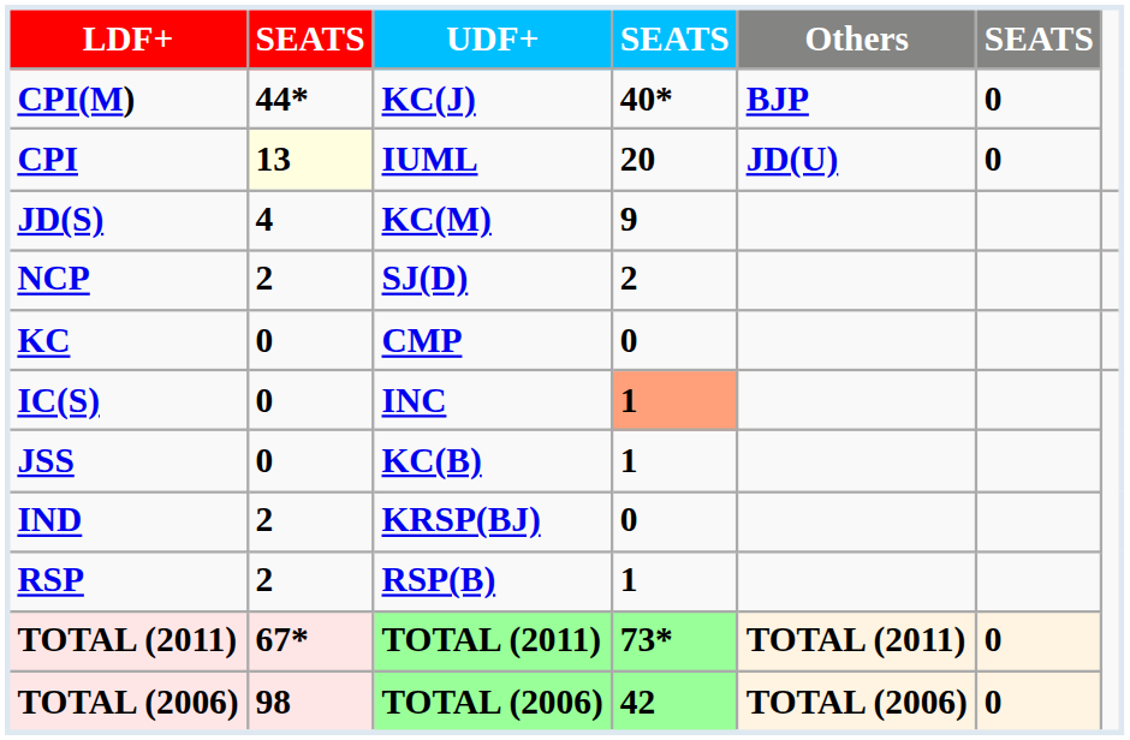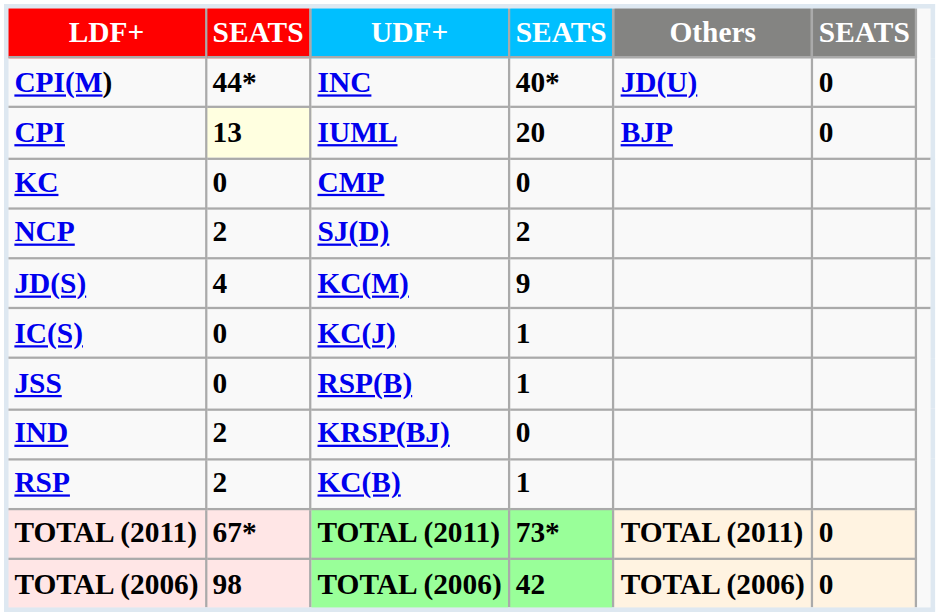 <table class="wikitable" style="border-collapse: collapse; border: 2px #DEE8F1 solid; font-weight: bold; font-size: small; font-family: verdana">
 <tr>
 <th style="background:#f00; color:white;">LDF+</th>
 <th style="background:#f00; color:white;">SEATS</th>
 <th style="background:#00BFFF; color:white;">UDF+</th>
 <th style="background:#00BFFF; color:white;">SEATS</th>
 <th style="background:#848482; color:white;">Others</th>
 <th style="background:#848482; color:white;">SEATS</th>
 </tr>
 <tr>
 <td><a href='#'>CPI(M</a>)</td>
 <td>44*</td>
-<td><a href='#'>KC(J)</a></td>
+<td><a href='#'>INC</a></td>
 <td>40*</td>
-<td><a href='#'>BJP</a></td>
+<td><a href='#'>JD(U)</a></td>
 <td>0</td>
 </tr>
 <tr>
 <td><a href='#'>CPI</a></td>
 <td style="background: lightyellow;">13</td>
 <td><a href='#'>IUML</a></td>
 <td>20</td>
-<td><a href='#'>JD(U)</a></td>
+<td><a href='#'>BJP</a></td>
 <td>0</td>
 </tr>
 <tr>
-<td><a href='#'>JD(S)</a></td>
-<td>4</td>
-<td><a href='#'>KC(M)</a></td>
-<td>9</td>
+<td><a href='#'>KC</a></td>
+<td>0</td>
+<td><a href='#'>CMP</a></td>
+<td>0</td>
 <td></td>
 <td></td>
 <td></td>
 </tr>
 <tr>
 <td><a href='#'>NCP</a></td>
 <td>2</td>
 <td><a href='#'>SJ(D)</a></td>
 <td>2</td>
 <td></td>
 <td></td>
 </tr>
 <tr>
-<td><a href='#'>KC</a></td>
-<td>0</td>
-<td><a href='#'>CMP</a></td>
-<td>0</td>
+<td><a href='#'>JD(S)</a></td>
+<td>4</td>
+<td><a href='#'>KC(M)</a></td>
+<td>9</td>
 <td></td>
 <td></td>
 <td></td>
 </tr>
 <tr>
 <td><a href='#'>IC(S)</a></td>
 <td>0</td>
-<td><a href='#'>INC</a></td>
-<td style="background: lightsalmon;">1</td>
+<td><a href='#'>KC(J)</a></td>
+<td>1</td>
 <td></td>
 <td></td>
 </tr>
 <tr>
 <td><a href='#'>JSS</a></td>
 <td>0</td>
-<td><a href='#'>KC(B)</a></td>
+<td><a href='#'>RSP(B)</a></td>
 <td>1</td>
 <td></td>
 <td></td>
 </tr>
 <tr>
 <td><a href='#'>IND</a></td>
 <td>2</td>
 <td><a href='#'>KRSP(BJ)</a></td>
 <td>0</td>
 <td></td>
 <td></td>
 </tr>
 <tr>
 <td><a href='#'>RSP</a></td>
 <td>2</td>
-<td><a href='#'>RSP(B)</a></td>
+<td><a href='#'>KC(B)</a></td>
 <td>1</td>
 <td></td>
 <td></td>
 </tr>
 <tr>
 <td style="background:#ffe6e6;">TOTAL (2011)</td>
 <td style="background:#ffe6e6;">67*</td>
 <td style="background:#9f9;">TOTAL (2011)</td>
 <td style="background:#9f9;">73*</td>
 <td style="background:#fff3e1;">TOTAL (2011)</td>
 <td style="background:#fff3e1;">0</td>
 </tr>
 <tr>
 <td style="background:#ffe6e6;">TOTAL (2006)</td>
 <td style="background:#ffe6e6;">98</td>
 <td style="background:#9f9;">TOTAL (2006)</td>
 <td style="background:#9f9;">42</td>
 <td style="background:#fff3e1;">TOTAL (2006)</td>
 <td style="background:#fff3e1;">0</td>
 </tr>
 </table>
